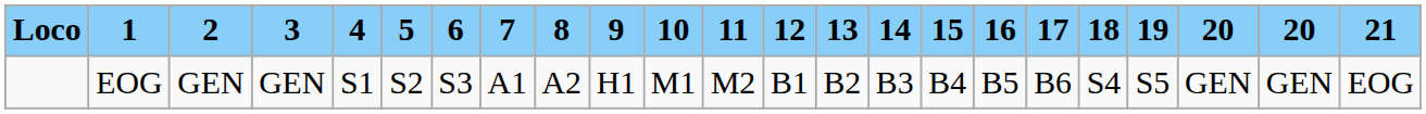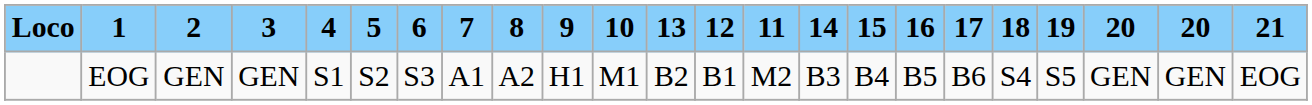 <table class="wikitable plainrowheaders unsortable" style="text-align:center">
 <tr>
 <th scope="col" rowspan="1" style="background:lightskyblue;">Loco</th>
 <th scope="col" rowspan="1" style="background:lightskyblue;">1</th>
 <th scope="col" rowspan="1" style="background:lightskyblue;">2</th>
 <th scope="col" rowspan="1" style="background:lightskyblue;">3</th>
 <th scope="col" rowspan="1" style="background:lightskyblue;">4</th>
 <th scope="col" rowspan="1" style="background:lightskyblue;">5</th>
 <th scope="col" rowspan="1" style="background:lightskyblue;">6</th>
 <th scope="col" rowspan="1" style="background:lightskyblue;">7</th>
 <th scope="col" rowspan="1" style="background:lightskyblue;">8</th>
 <th scope="col" rowspan="1" style="background:lightskyblue;">9</th>
 <th scope="col" rowspan="1" style="background:lightskyblue;">10</th>
+<th scope="col" rowspan="1" style="background:lightskyblue;">13</th>
+<th scope="col" rowspan="1" style="background:lightskyblue;">12</th>
 <th scope="col" rowspan="1" style="background:lightskyblue;">11</th>
-<th scope="col" rowspan="1" style="background:lightskyblue;">12</th>
-<th scope="col" rowspan="1" style="background:lightskyblue;">13</th>
 <th scope="col" rowspan="1" style="background:lightskyblue;">14</th>
 <th scope="col" rowspan="1" style="background:lightskyblue;">15</th>
 <th scope="col" rowspan="1" style="background:lightskyblue;">16</th>
 <th scope="col" rowspan="1" style="background:lightskyblue;">17</th>
 <th scope="col" rowspan="1" style="background:lightskyblue;">18</th>
 <th scope="col" rowspan="1" style="background:lightskyblue;">19</th>
 <th scope="col" rowspan="1" style="background:lightskyblue;">20</th>
 <th scope="col" rowspan="1" style="background:lightskyblue;">20</th>
 <th scope="col" rowspan="1" style="background:lightskyblue;">21</th>
 </tr>
 <tr>
 <td></td>
 <td>EOG</td>
 <td>GEN</td>
 <td>GEN</td>
 <td>S1</td>
 <td>S2</td>
 <td>S3</td>
 <td>A1</td>
 <td>A2</td>
 <td>H1</td>
 <td>M1</td>
+<td>B2</td>
+<td>B1</td>
 <td>M2</td>
-<td>B1</td>
-<td>B2</td>
 <td>B3</td>
 <td>B4</td>
 <td>B5</td>
 <td>B6</td>
 <td>S4</td>
 <td>S5</td>
 <td>GEN</td>
 <td>GEN</td>
 <td>EOG</td>
 </tr>
 </table>
